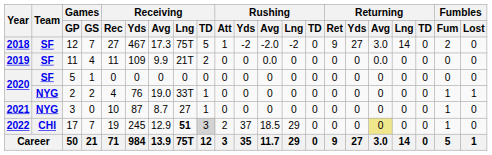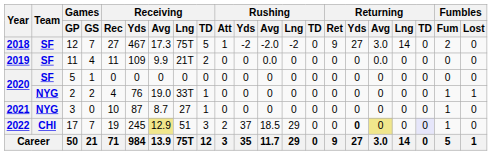 <table class="wikitable" style="text-align:center;">
 <tr>
 <th rowspan="2">Year</th>
 <th rowspan="2">Team</th>
 <th colspan="2">Games</th>
 <th colspan="5">Receiving</th>
 <th colspan="5">Rushing</th>
 <th colspan="5">Returning</th>
 <th colspan="2">Fumbles</th>
 </tr>
 <tr>
 <th>GP</th>
 <th>GS</th>
 <th>Rec</th>
 <th>Yds</th>
 <th>Avg</th>
 <th>Lng</th>
 <th>TD</th>
 <th>Att</th>
 <th>Yds</th>
 <th>Avg</th>
 <th>Lng</th>
 <th>TD</th>
 <th>Ret</th>
 <th>Yds</th>
 <th>Avg</th>
 <th>Lng</th>
 <th>TD</th>
 <th>Fum</th>
 <th>Lost</th>
 </tr>
 <tr>
 <th><a href='#'>2018</a></th>
 <th><a href='#'>SF</a></th>
 <td>12</td>
 <td>7</td>
 <td>27</td>
 <td>467</td>
 <td>17.3</td>
 <td>75T</td>
 <td>5</td>
 <td>1</td>
 <td>-2</td>
 <td>-2.0</td>
 <td>-2</td>
 <td>0</td>
 <td>9</td>
 <td>27</td>
 <td>3.0</td>
 <td>14</td>
 <td>0</td>
 <td>2</td>
 <td>0</td>
 </tr>
 <tr>
 <th><a href='#'>2019</a></th>
 <th><a href='#'>SF</a></th>
 <td>11</td>
 <td>4</td>
 <td>11</td>
 <td>109</td>
 <td>9.9</td>
 <td>21T</td>
 <td>2</td>
 <td>0</td>
 <td>0</td>
 <td>0.0</td>
 <td>0</td>
 <td>0</td>
 <td>0</td>
 <td>0</td>
 <td>0.0</td>
 <td>0</td>
 <td>0</td>
 <td>0</td>
 <td>0</td>
 </tr>
 <tr>
 <th rowspan="2"><a href='#'>2020</a></th>
 <th><a href='#'>SF</a></th>
 <td>5</td>
 <td>1</td>
 <td>0</td>
 <td>0</td>
 <td>0</td>
 <td>0</td>
 <td>0</td>
 <td>0</td>
 <td>0</td>
 <td>0</td>
 <td>0</td>
 <td>0</td>
 <td>0</td>
 <td>0</td>
 <td>0</td>
 <td>0</td>
 <td>0</td>
 <td>0</td>
 <td>0</td>
 </tr>
 <tr>
 <th><a href='#'>NYG</a></th>
 <td>2</td>
 <td>2</td>
 <td>4</td>
 <td>76</td>
 <td>19.0</td>
 <td>33T</td>
 <td>1</td>
 <td>0</td>
 <td>0</td>
 <td>0</td>
 <td>0</td>
 <td>0</td>
 <td>0</td>
 <td>0</td>
 <td>0</td>
 <td>0</td>
 <td>0</td>
 <td>1</td>
 <td>1</td>
 </tr>
 <tr>
 <th><a href='#'>2021</a></th>
 <th><a href='#'>NYG</a></th>
 <td>3</td>
 <td>0</td>
 <td>10</td>
 <td>87</td>
 <td>8.7</td>
 <td>27</td>
 <td>1</td>
 <td>0</td>
 <td>0</td>
 <td>0</td>
 <td>0</td>
 <td>0</td>
 <td>0</td>
 <td>0</td>
 <td>0</td>
 <td>0</td>
 <td>0</td>
 <td>1</td>
 <td>0</td>
 </tr>
 <tr>
 <th><a href='#'>2022</a></th>
 <th><a href='#'>CHI</a></th>
 <td>17</td>
 <td>7</td>
 <td>19</td>
 <td>245</td>
-<td>12.9</td>
-<td><strong>51</strong></td>
-<td style="background: lightgrey;">3</td>
+<td style="background: khaki;">12.9</td>
+<td>51</td>
+<td>3</td>
 <td>2</td>
 <td>37</td>
 <td>18.5</td>
 <td>29</td>
 <td>0</td>
 <td>0</td>
-<td>0</td>
+<td><strong>0</strong></td>
 <td style="background: khaki;">0</td>
 <td>0</td>
-<td>0</td>
+<td style="background: lavender;">0</td>
 <td>1</td>
 <td>0</td>
 </tr>
 <tr>
 <th colspan="2">Career</th>
 <th>50</th>
 <th>21</th>
 <th>71</th>
 <th>984</th>
 <th>13.9</th>
 <th>75T</th>
 <th>12</th>
 <th>3</th>
 <th>35</th>
 <th>11.7</th>
 <th>29</th>
 <th>0</th>
 <th>9</th>
 <th>27</th>
 <th>3.0</th>
 <th>14</th>
 <th>0</th>
 <th>5</th>
 <th>1</th>
 </tr>
 </table>
